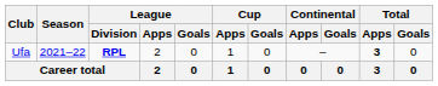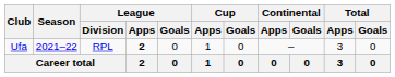 <table class="wikitable" style="text-align: center;">
 <tr>
 <th rowspan=2>Club</th>
 <th rowspan=2>Season</th>
 <th colspan=3>League</th>
 <th colspan=2>Cup</th>
 <th colspan=2>Continental</th>
 <th colspan=2>Total</th>
 </tr>
 <tr>
 <th>Division</th>
 <th>Apps</th>
 <th>Goals</th>
 <th>Apps</th>
 <th>Goals</th>
 <th>Apps</th>
 <th>Goals</th>
 <th>Apps</th>
 <th>Goals</th>
 </tr>
 <tr>
 <td><a href='#'>Ufa</a></td>
 <td><a href='#'>2021–22</a></td>
-<td><strong><a href='#'>RPL</a></strong></td>
-<td>2</td>
+<td><a href='#'>RPL</a></td>
+<td><strong>2</strong></td>
 <td>0</td>
 <td>1</td>
 <td>0</td>
 <td colspan=2>–</td>
-<td><strong>3</strong></td>
+<td>3</td>
 <td>0</td>
 </tr>
 <tr>
 <th colspan=3>Career total</th>
 <th>2</th>
 <th>0</th>
 <th>1</th>
 <th>0</th>
 <th>0</th>
 <th>0</th>
 <th>3</th>
 <th>0</th>
 </tr>
 </table>
